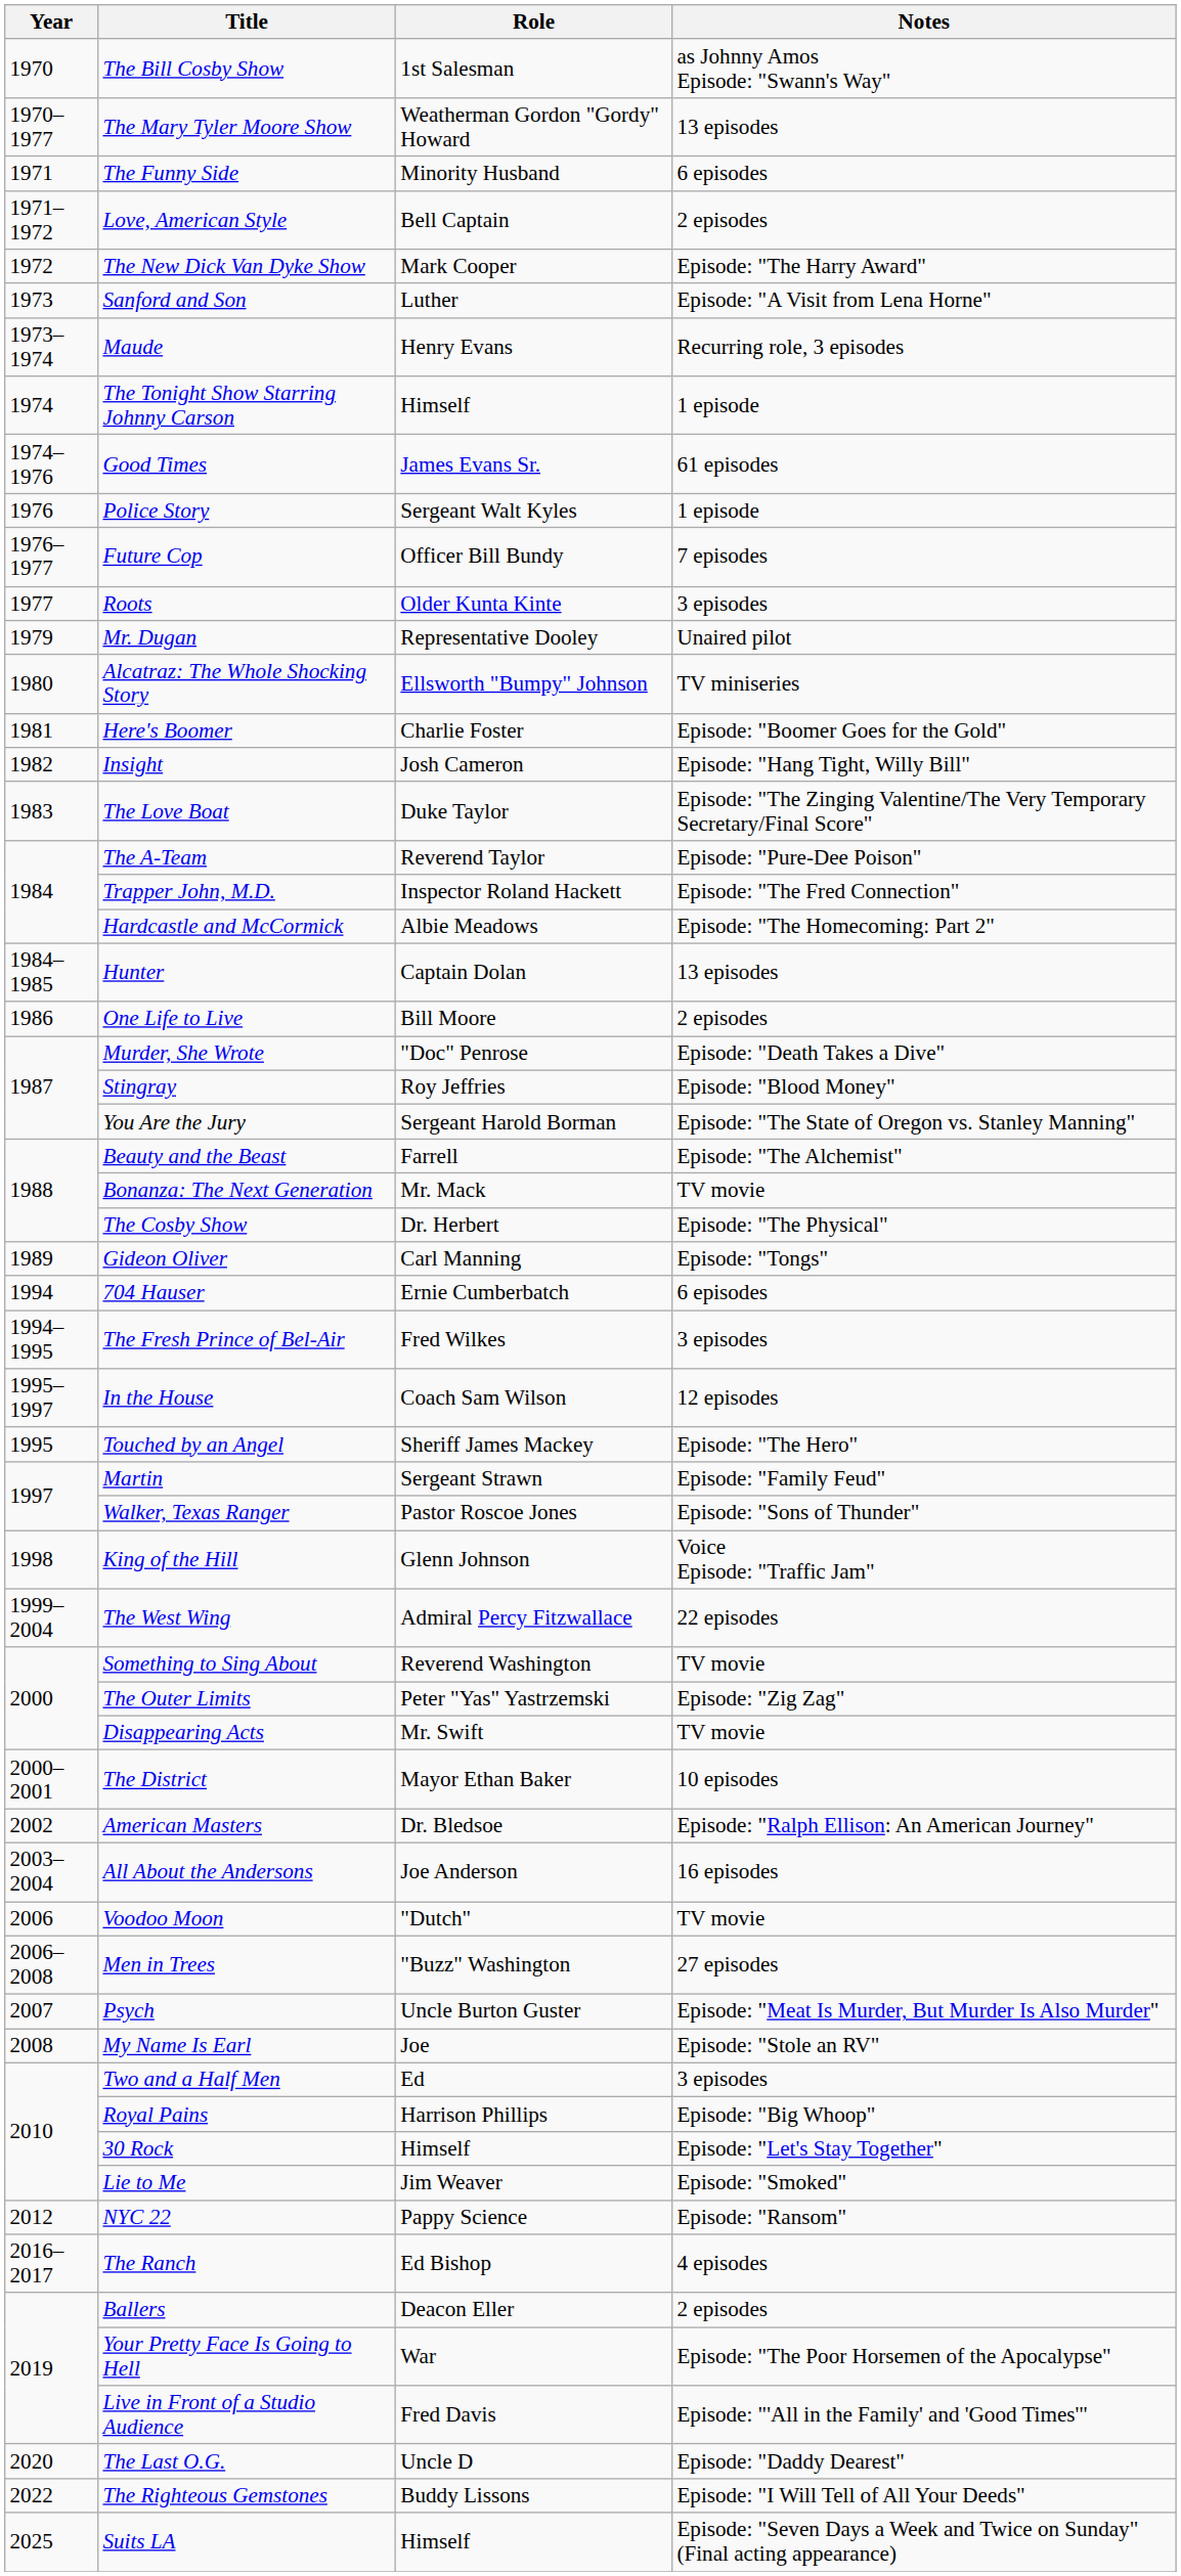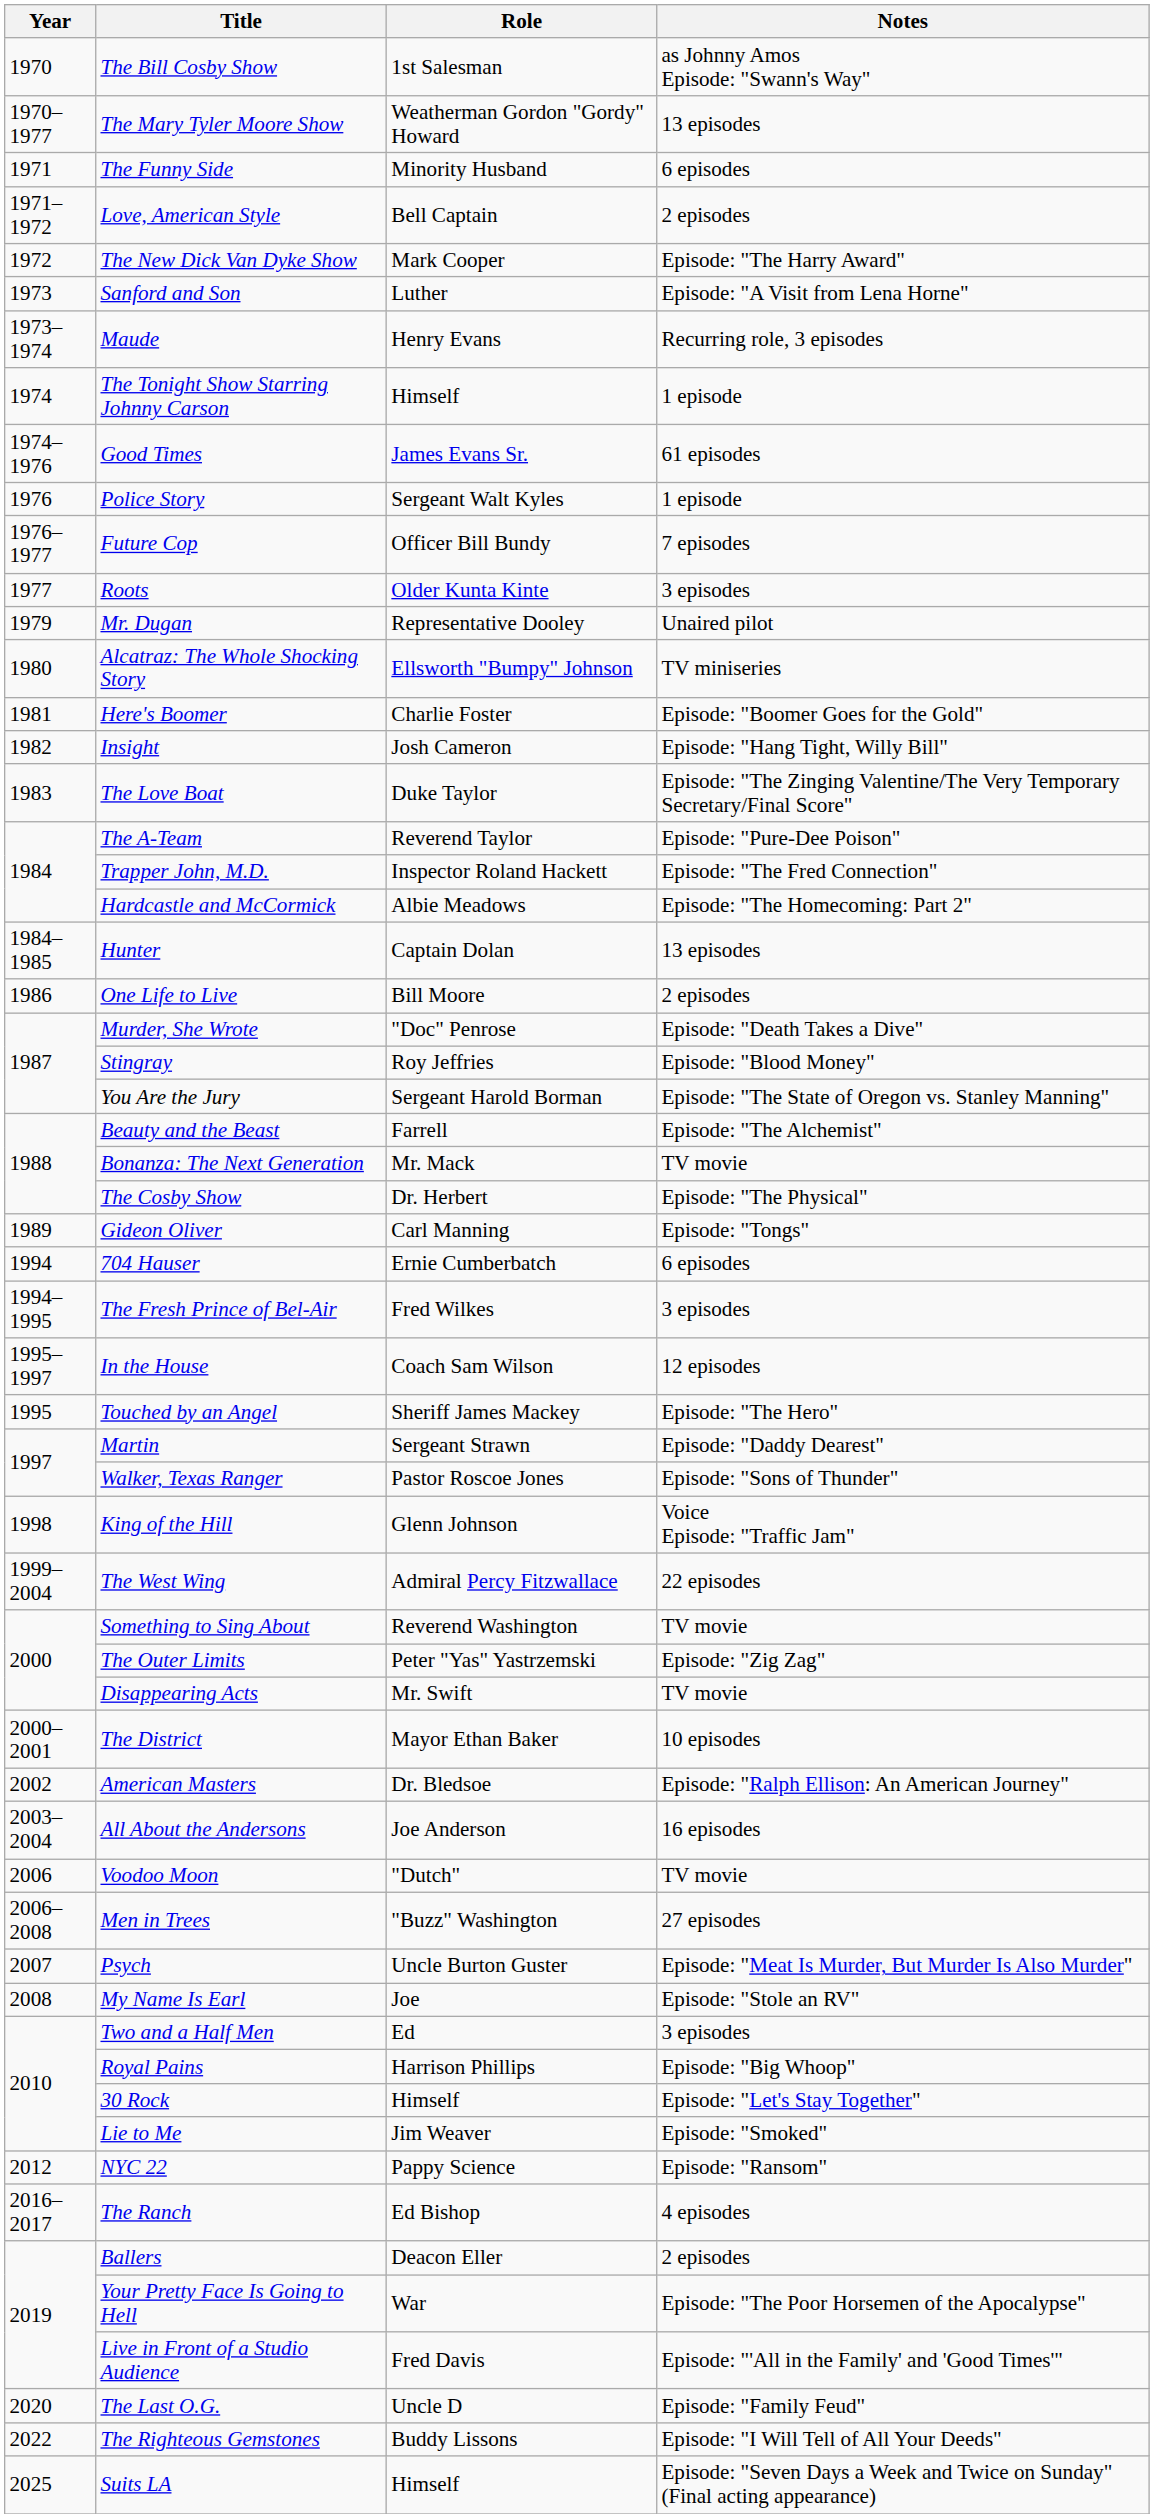 <table class="wikitable sortable">
 <tr>
 <th>Year</th>
 <th>Title</th>
 <th>Role</th>
 <th class = "unsortable">Notes</th>
 </tr>
 <tr>
 <td>1970</td>
 <td><em><a href='#'>The Bill Cosby Show</a></em></td>
 <td>1st Salesman</td>
 <td>as Johnny Amos<br>Episode: "Swann's Way"</td>
 </tr>
 <tr>
 <td>1970–1977</td>
 <td><em><a href='#'>The Mary Tyler Moore Show</a></em></td>
 <td>Weatherman Gordon "Gordy" Howard</td>
 <td>13 episodes</td>
 </tr>
 <tr>
 <td>1971</td>
 <td><em><a href='#'>The Funny Side</a></em></td>
 <td>Minority Husband</td>
 <td>6 episodes</td>
 </tr>
 <tr>
 <td>1971–1972</td>
 <td><em><a href='#'>Love, American Style</a></em></td>
 <td>Bell Captain</td>
 <td>2 episodes</td>
 </tr>
 <tr>
 <td>1972</td>
 <td><em><a href='#'>The New Dick Van Dyke Show</a></em></td>
 <td>Mark Cooper</td>
 <td>Episode: "The Harry Award"</td>
 </tr>
 <tr>
 <td>1973</td>
 <td><em><a href='#'>Sanford and Son</a></em></td>
 <td>Luther</td>
 <td>Episode: "A Visit from Lena Horne"</td>
 </tr>
 <tr>
 <td>1973–1974</td>
 <td><em><a href='#'>Maude</a></em></td>
 <td>Henry Evans</td>
 <td>Recurring role, 3 episodes</td>
 </tr>
 <tr>
 <td>1974</td>
 <td><em><a href='#'>The Tonight Show Starring Johnny Carson</a></em></td>
 <td>Himself</td>
 <td>1 episode</td>
 </tr>
 <tr>
 <td>1974–1976</td>
 <td><em><a href='#'>Good Times</a></em></td>
 <td><a href='#'>James Evans Sr.</a></td>
 <td>61 episodes</td>
 </tr>
 <tr>
 <td>1976</td>
 <td><em><a href='#'>Police Story</a></em></td>
 <td>Sergeant Walt Kyles</td>
 <td>1 episode</td>
 </tr>
 <tr>
 <td>1976–1977</td>
 <td><em><a href='#'>Future Cop</a></em></td>
 <td>Officer Bill Bundy</td>
 <td>7 episodes</td>
 </tr>
 <tr>
 <td>1977</td>
 <td><em><a href='#'>Roots</a></em></td>
 <td><a href='#'>Older Kunta Kinte</a></td>
 <td>3 episodes</td>
 </tr>
 <tr>
 <td>1979</td>
 <td><em><a href='#'>Mr. Dugan</a></em></td>
 <td>Representative Dooley</td>
 <td>Unaired pilot</td>
 </tr>
 <tr>
 <td>1980</td>
 <td><em><a href='#'>Alcatraz: The Whole Shocking Story</a></em></td>
 <td><a href='#'>Ellsworth "Bumpy" Johnson</a></td>
 <td>TV miniseries</td>
 </tr>
 <tr>
 <td>1981</td>
 <td><em><a href='#'>Here's Boomer</a></em></td>
 <td>Charlie Foster</td>
 <td>Episode: "Boomer Goes for the Gold"</td>
 </tr>
 <tr>
 <td>1982</td>
 <td><em><a href='#'>Insight</a></em></td>
 <td>Josh Cameron</td>
 <td>Episode: "Hang Tight, Willy Bill"</td>
 </tr>
 <tr>
 <td>1983</td>
 <td><em><a href='#'>The Love Boat</a></em></td>
 <td>Duke Taylor</td>
 <td>Episode: "The Zinging Valentine/The Very Temporary Secretary/Final Score"</td>
 </tr>
 <tr>
 <td rowspan="3">1984</td>
 <td><em><a href='#'>The A-Team</a></em></td>
 <td>Reverend Taylor</td>
 <td>Episode: "Pure-Dee Poison"</td>
 </tr>
 <tr>
 <td><em><a href='#'>Trapper John, M.D.</a></em></td>
 <td>Inspector Roland Hackett</td>
 <td>Episode: "The Fred Connection"</td>
 </tr>
 <tr>
 <td><em><a href='#'>Hardcastle and McCormick</a></em></td>
 <td>Albie Meadows</td>
 <td>Episode: "The Homecoming: Part 2"</td>
 </tr>
 <tr>
 <td>1984–1985</td>
 <td><em><a href='#'>Hunter</a></em></td>
 <td>Captain Dolan</td>
 <td>13 episodes</td>
 </tr>
 <tr>
 <td>1986</td>
 <td><em><a href='#'>One Life to Live</a></em></td>
 <td>Bill Moore</td>
 <td>2 episodes</td>
 </tr>
 <tr>
 <td rowspan="3">1987</td>
 <td><em><a href='#'>Murder, She Wrote</a></em></td>
 <td>"Doc" Penrose</td>
 <td>Episode: "Death Takes a Dive"</td>
 </tr>
 <tr>
 <td><em><a href='#'>Stingray</a></em></td>
 <td>Roy Jeffries</td>
 <td>Episode: "Blood Money"</td>
 </tr>
 <tr>
 <td><em>You Are the Jury</em></td>
 <td>Sergeant Harold Borman</td>
 <td>Episode: "The State of Oregon vs. Stanley Manning"</td>
 </tr>
 <tr>
 <td rowspan="3">1988</td>
 <td><em><a href='#'>Beauty and the Beast</a></em></td>
 <td>Farrell</td>
 <td>Episode: "The Alchemist"</td>
 </tr>
 <tr>
 <td><em><a href='#'>Bonanza: The Next Generation</a></em></td>
 <td>Mr. Mack</td>
 <td>TV movie</td>
 </tr>
 <tr>
 <td><em><a href='#'>The Cosby Show</a></em></td>
 <td>Dr. Herbert</td>
 <td>Episode: "The Physical"</td>
 </tr>
 <tr>
 <td>1989</td>
 <td><em><a href='#'>Gideon Oliver</a></em></td>
 <td>Carl Manning</td>
 <td>Episode: "Tongs"</td>
 </tr>
 <tr>
 <td>1994</td>
 <td><em><a href='#'>704 Hauser</a></em></td>
 <td>Ernie Cumberbatch</td>
 <td>6 episodes</td>
 </tr>
 <tr>
 <td>1994–1995</td>
 <td><em><a href='#'>The Fresh Prince of Bel-Air</a></em></td>
 <td>Fred Wilkes</td>
 <td>3 episodes</td>
 </tr>
 <tr>
 <td>1995–1997</td>
 <td><em><a href='#'>In the House</a></em></td>
 <td>Coach Sam Wilson</td>
 <td>12 episodes</td>
 </tr>
 <tr>
 <td>1995</td>
 <td><em><a href='#'>Touched by an Angel</a></em></td>
 <td>Sheriff James Mackey</td>
 <td>Episode: "The Hero"</td>
 </tr>
 <tr>
 <td rowspan=2>1997</td>
 <td><em><a href='#'>Martin</a></em></td>
 <td>Sergeant Strawn</td>
-<td>Episode: "Family Feud"</td>
+<td>Episode: "Daddy Dearest"</td>
 </tr>
 <tr>
 <td><em><a href='#'>Walker, Texas Ranger</a></em></td>
 <td>Pastor Roscoe Jones</td>
 <td>Episode: "Sons of Thunder"</td>
 </tr>
 <tr>
 <td>1998</td>
 <td><em><a href='#'>King of the Hill</a></em></td>
 <td>Glenn Johnson</td>
 <td>Voice<br>Episode: "Traffic Jam"</td>
 </tr>
 <tr>
 <td>1999–2004</td>
 <td><em><a href='#'>The West Wing</a></em></td>
 <td>Admiral <a href='#'>Percy Fitzwallace</a></td>
 <td>22 episodes</td>
 </tr>
 <tr>
 <td rowspan=3>2000</td>
 <td><em><a href='#'>Something to Sing About</a></em></td>
 <td>Reverend Washington</td>
 <td>TV movie</td>
 </tr>
 <tr>
 <td><em><a href='#'>The Outer Limits</a></em></td>
 <td>Peter "Yas" Yastrzemski</td>
 <td>Episode: "Zig Zag"</td>
 </tr>
 <tr>
 <td><em><a href='#'>Disappearing Acts</a></em></td>
 <td>Mr. Swift</td>
 <td>TV movie</td>
 </tr>
 <tr>
 <td>2000–2001</td>
 <td><em><a href='#'>The District</a></em></td>
 <td>Mayor Ethan Baker</td>
 <td>10 episodes</td>
 </tr>
 <tr>
 <td>2002</td>
 <td><em><a href='#'>American Masters</a></em></td>
 <td>Dr. Bledsoe</td>
 <td>Episode: "<a href='#'>Ralph Ellison</a>: An American Journey"</td>
 </tr>
 <tr>
 <td>2003–2004</td>
 <td><em><a href='#'>All About the Andersons</a></em></td>
 <td>Joe Anderson</td>
 <td>16 episodes</td>
 </tr>
 <tr>
 <td>2006</td>
 <td><em><a href='#'>Voodoo Moon</a></em></td>
 <td>"Dutch"</td>
 <td>TV movie</td>
 </tr>
 <tr>
 <td>2006–2008</td>
 <td><em><a href='#'>Men in Trees</a></em></td>
 <td>"Buzz" Washington</td>
 <td>27 episodes</td>
 </tr>
 <tr>
 <td>2007</td>
 <td><em><a href='#'>Psych</a></em></td>
 <td>Uncle Burton Guster</td>
 <td>Episode: "<a href='#'>Meat Is Murder, But Murder Is Also Murder</a>"</td>
 </tr>
 <tr>
 <td>2008</td>
 <td><em><a href='#'>My Name Is Earl</a></em></td>
 <td>Joe</td>
 <td>Episode: "Stole an RV"</td>
 </tr>
 <tr>
 <td rowspan=4>2010</td>
 <td><em><a href='#'>Two and a Half Men</a></em></td>
 <td>Ed</td>
 <td>3 episodes</td>
 </tr>
 <tr>
 <td><em><a href='#'>Royal Pains</a></em></td>
 <td>Harrison Phillips</td>
 <td>Episode: "Big Whoop"</td>
 </tr>
 <tr>
 <td><em><a href='#'>30 Rock</a></em></td>
 <td>Himself</td>
 <td>Episode: "<a href='#'>Let's Stay Together</a>"</td>
 </tr>
 <tr>
 <td><em><a href='#'>Lie to Me</a></em></td>
 <td>Jim Weaver</td>
 <td>Episode: "Smoked"</td>
 </tr>
 <tr>
 <td>2012</td>
 <td><em><a href='#'>NYC 22</a></em></td>
 <td>Pappy Science</td>
 <td>Episode: "Ransom"</td>
 </tr>
 <tr>
 <td>2016–2017</td>
 <td><em><a href='#'>The Ranch</a></em></td>
 <td>Ed Bishop</td>
 <td>4 episodes</td>
 </tr>
 <tr>
 <td rowspan="3">2019</td>
 <td><em><a href='#'>Ballers</a></em></td>
 <td>Deacon Eller</td>
 <td>2 episodes</td>
 </tr>
 <tr>
 <td><em><a href='#'>Your Pretty Face Is Going to Hell</a></em></td>
 <td>War</td>
 <td>Episode: "The Poor Horsemen of the Apocalypse"</td>
 </tr>
 <tr>
 <td><em><a href='#'>Live in Front of a Studio Audience</a></em></td>
 <td>Fred Davis</td>
 <td>Episode: "'All in the Family' and 'Good Times'"</td>
 </tr>
 <tr>
 <td>2020</td>
 <td><em><a href='#'>The Last O.G.</a></em></td>
 <td>Uncle D</td>
-<td>Episode: "Daddy Dearest"</td>
+<td>Episode: "Family Feud"</td>
 </tr>
 <tr>
 <td>2022</td>
 <td><em><a href='#'>The Righteous Gemstones</a></em></td>
 <td>Buddy Lissons</td>
 <td>Episode: "I Will Tell of All Your Deeds"</td>
 </tr>
 <tr>
 <td>2025</td>
 <td><em><a href='#'>Suits LA</a></em></td>
 <td>Himself</td>
 <td>Episode: "Seven Days a Week and Twice on Sunday" <br> (Final acting appearance)</td>
 </tr>
 </table>
